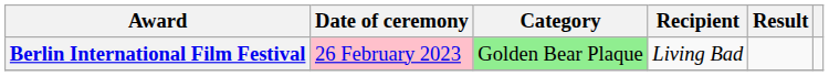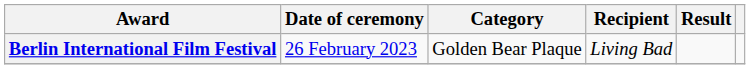 <table class="wikitable sortable plainrowheaders">
 <tr>
 <th>Award</th>
 <th>Date of ceremony</th>
 <th>Category</th>
 <th>Recipient</th>
 <th>Result</th>
 <th></th>
 </tr>
 <tr>
 <th scope="row"><a href='#'>Berlin International Film Festival</a></th>
-<td style="background: pink;"><a href='#'> 26 February 2023</a></td>
-<td style="background: lightgreen;">Golden Bear Plaque</td>
+<td><a href='#'> 26 February 2023</a></td>
+<td>Golden Bear Plaque</td>
 <td><em>Living Bad</em></td>
 <td></td>
 <td align="center" rowspan="1"></td>
 </tr>
 <tr>
 </tr>
 </table>
